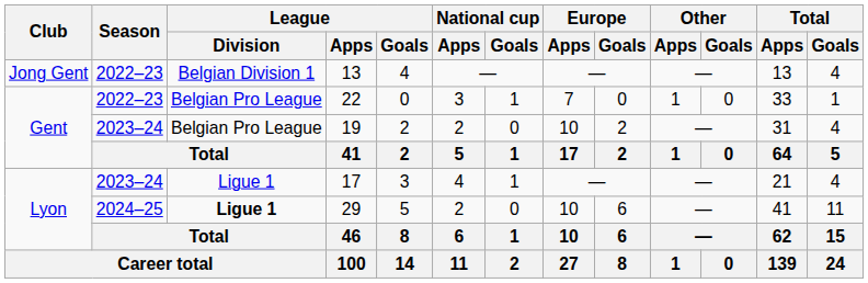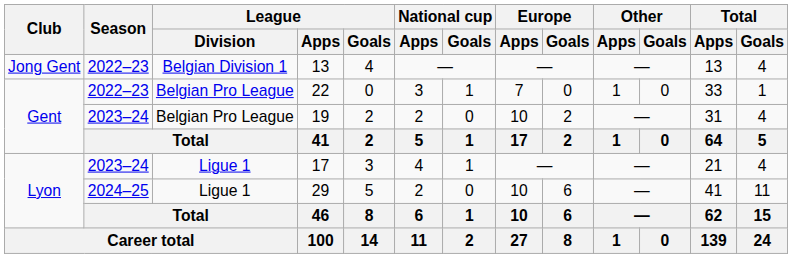 <table class="wikitable" style="text-align: center">
 <tr>
 <th rowspan="2">Club</th>
 <th rowspan="2">Season</th>
 <th colspan="3">League</th>
 <th colspan="2">National cup</th>
 <th colspan="2">Europe</th>
 <th colspan="2">Other</th>
 <th colspan="2">Total</th>
 </tr>
 <tr>
 <th>Division</th>
 <th>Apps</th>
 <th>Goals</th>
 <th>Apps</th>
 <th>Goals</th>
 <th>Apps</th>
 <th>Goals</th>
 <th>Apps</th>
 <th>Goals</th>
 <th>Apps</th>
 <th>Goals</th>
 </tr>
 <tr>
 <td><a href='#'>Jong Gent</a></td>
 <td><a href='#'>2022–23</a></td>
 <td><a href='#'>Belgian Division 1</a></td>
 <td>13</td>
 <td>4</td>
 <td colspan="2">—</td>
 <td colspan="2">—</td>
 <td colspan="2">—</td>
 <td>13</td>
 <td>4</td>
 </tr>
 <tr>
 <td rowspan="3"><a href='#'>Gent</a></td>
 <td><a href='#'>2022–23</a></td>
 <td><a href='#'>Belgian Pro League</a></td>
 <td>22</td>
 <td>0</td>
 <td>3</td>
 <td>1</td>
 <td>7</td>
 <td>0</td>
 <td>1</td>
 <td>0</td>
 <td>33</td>
 <td>1</td>
 </tr>
 <tr>
 <td><a href='#'>2023–24</a></td>
 <td>Belgian Pro League</td>
 <td>19</td>
 <td>2</td>
 <td>2</td>
 <td>0</td>
 <td>10</td>
 <td>2</td>
 <td colspan="2">—</td>
 <td>31</td>
 <td>4</td>
 </tr>
 <tr>
 <th colspan="2">Total</th>
 <th>41</th>
 <th>2</th>
 <th>5</th>
 <th>1</th>
 <th>17</th>
 <th>2</th>
 <th>1</th>
 <th>0</th>
 <th>64</th>
 <th>5</th>
 </tr>
 <tr>
 <td rowspan="3"><a href='#'>Lyon</a></td>
 <td><a href='#'>2023–24</a></td>
 <td><a href='#'>Ligue 1</a></td>
 <td>17</td>
 <td>3</td>
 <td>4</td>
 <td>1</td>
 <td colspan="2">—</td>
 <td colspan="2">—</td>
 <td>21</td>
 <td>4</td>
 </tr>
 <tr>
 <td><a href='#'>2024–25</a></td>
-<td><strong>Ligue 1</strong></td>
+<td>Ligue 1</td>
 <td>29</td>
 <td>5</td>
 <td>2</td>
 <td>0</td>
 <td>10</td>
 <td>6</td>
 <td colspan="2">—</td>
 <td>41</td>
 <td>11</td>
 </tr>
 <tr>
 <th colspan="2">Total</th>
 <th>46</th>
 <th>8</th>
 <th>6</th>
 <th>1</th>
 <th>10</th>
 <th>6</th>
 <th colspan="2">—</th>
 <th>62</th>
 <th>15</th>
 </tr>
 <tr>
 <th colspan="3">Career total</th>
 <th>100</th>
 <th>14</th>
 <th>11</th>
 <th>2</th>
 <th>27</th>
 <th>8</th>
 <th>1</th>
 <th>0</th>
 <th>139</th>
 <th>24</th>
 </tr>
 </table>
